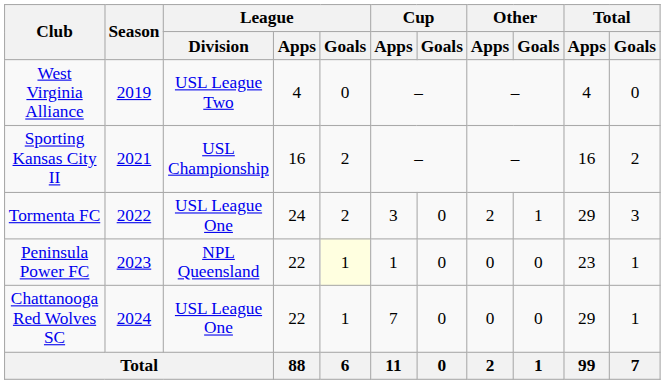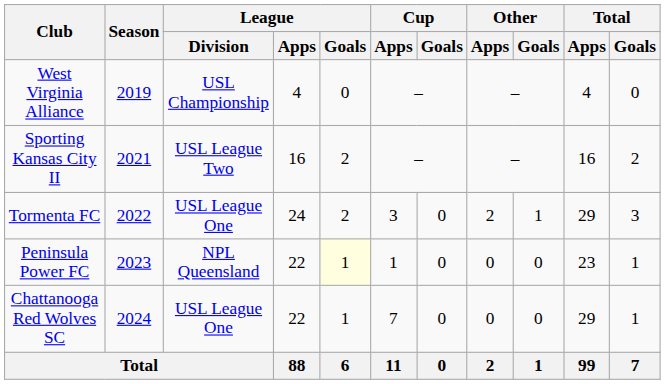 <table class="wikitable" style="text-align: center;">
 <tr>
 <th rowspan="2">Club</th>
 <th rowspan="2">Season</th>
 <th colspan="3">League</th>
 <th colspan="2">Cup</th>
 <th colspan="2">Other</th>
 <th colspan="2">Total</th>
 </tr>
 <tr>
 <th>Division</th>
 <th>Apps</th>
 <th>Goals</th>
 <th>Apps</th>
 <th>Goals</th>
 <th>Apps</th>
 <th>Goals</th>
 <th>Apps</th>
 <th>Goals</th>
 </tr>
 <tr>
 <td><a href='#'>West Virginia Alliance</a></td>
 <td><a href='#'>2019</a></td>
-<td><a href='#'>USL League Two</a></td>
+<td><a href='#'>USL Championship</a></td>
 <td>4</td>
 <td>0</td>
 <td colspan="2">–</td>
 <td colspan="2">–</td>
 <td>4</td>
 <td>0</td>
 </tr>
 <tr>
 <td><a href='#'>Sporting Kansas City II</a></td>
 <td><a href='#'>2021</a></td>
-<td><a href='#'>USL Championship</a></td>
+<td><a href='#'>USL League Two</a></td>
 <td>16</td>
 <td>2</td>
 <td colspan="2">–</td>
 <td colspan="2">–</td>
 <td>16</td>
 <td>2</td>
 </tr>
 <tr>
 <td><a href='#'>Tormenta FC</a></td>
 <td><a href='#'>2022</a></td>
 <td><a href='#'>USL League One</a></td>
 <td>24</td>
 <td>2</td>
 <td>3</td>
 <td>0</td>
 <td>2</td>
 <td>1</td>
 <td>29</td>
 <td>3</td>
 </tr>
 <tr>
 <td><a href='#'>Peninsula Power FC</a></td>
 <td><a href='#'>2023</a></td>
 <td><a href='#'>NPL Queensland</a></td>
 <td>22</td>
 <td style="background: lightyellow;">1</td>
 <td>1</td>
 <td>0</td>
 <td>0</td>
 <td>0</td>
 <td>23</td>
 <td>1</td>
 </tr>
 <tr>
 <td><a href='#'>Chattanooga Red Wolves SC</a></td>
 <td><a href='#'>2024</a></td>
 <td><a href='#'>USL League One</a></td>
 <td>22</td>
 <td>1</td>
 <td>7</td>
 <td>0</td>
 <td>0</td>
 <td>0</td>
 <td>29</td>
 <td>1</td>
 </tr>
 <tr>
 <th colspan="3">Total</th>
 <th>88</th>
 <th>6</th>
 <th>11</th>
 <th>0</th>
 <th>2</th>
 <th>1</th>
 <th>99</th>
 <th>7</th>
 </tr>
 </table>
